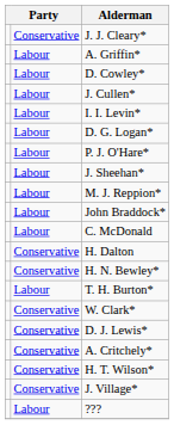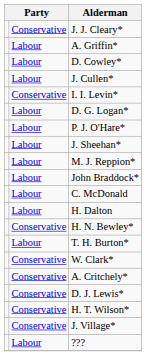 <table class="wikitable">
 <tr>
 <th colspan="2">Party</th>
 <th>Alderman</th>
 </tr>
 <tr>
 <td style="background-color:"></td>
 <td><a href='#'>Conservative</a></td>
 <td>J. J. Cleary*</td>
 </tr>
 <tr>
 <td style="background-color:"></td>
 <td><a href='#'>Labour</a></td>
 <td>A. Griffin*</td>
 </tr>
 <tr>
 <td style="background-color:"></td>
 <td><a href='#'>Labour</a></td>
 <td>D. Cowley*</td>
 </tr>
 <tr>
 <td style="background-color:"></td>
 <td><a href='#'>Labour</a></td>
 <td>J. Cullen*</td>
 </tr>
 <tr>
 <td style="background-color:"></td>
-<td><a href='#'>Labour</a></td>
+<td><a href='#'>Conservative</a></td>
 <td>I. I. Levin*</td>
 </tr>
 <tr>
 <td style="background-color:"></td>
 <td><a href='#'>Labour</a></td>
 <td>D. G. Logan*</td>
 </tr>
 <tr>
 <td style="background-color:"></td>
 <td><a href='#'>Labour</a></td>
 <td>P. J. O'Hare*</td>
 </tr>
 <tr>
 <td style="background-color:"></td>
 <td><a href='#'>Labour</a></td>
 <td>J. Sheehan*</td>
 </tr>
 <tr>
 <td style="background-color:"></td>
 <td><a href='#'>Labour</a></td>
 <td>M. J. Reppion*</td>
 </tr>
 <tr>
 <td style="background-color:"></td>
 <td><a href='#'>Labour</a></td>
 <td>John Braddock*</td>
 </tr>
 <tr>
 <td style="background-color:"></td>
 <td><a href='#'>Labour</a></td>
 <td>C. McDonald</td>
 </tr>
 <tr>
 <td style="background-color:"></td>
-<td><a href='#'>Conservative</a></td>
+<td><a href='#'>Labour</a></td>
 <td>H. Dalton</td>
 </tr>
 <tr>
 <td style="background-color:"></td>
 <td><a href='#'>Conservative</a></td>
 <td>H. N. Bewley*</td>
 </tr>
 <tr>
 <td style="background-color:"></td>
 <td><a href='#'>Labour</a></td>
 <td>T. H. Burton*</td>
 </tr>
 <tr>
 <td style="background-color:"></td>
 <td><a href='#'>Conservative</a></td>
 <td>W. Clark*</td>
 </tr>
 <tr>
 <td style="background-color:"></td>
 <td><a href='#'>Conservative</a></td>
-<td>D. J. Lewis*</td>
+<td>A. Critchely*</td>
 </tr>
 <tr>
 <td style="background-color:"></td>
 <td><a href='#'>Conservative</a></td>
-<td>A. Critchely*</td>
+<td>D. J. Lewis*</td>
 </tr>
 <tr>
 <td style="background-color:"></td>
 <td><a href='#'>Conservative</a></td>
 <td>H. T. Wilson*</td>
 </tr>
 <tr>
 <td style="background-color:"></td>
 <td><a href='#'>Conservative</a></td>
 <td>J. Village*</td>
 </tr>
 <tr>
 <td style="background-color:"></td>
 <td><a href='#'>Labour</a></td>
 <td>???</td>
 </tr>
 <tr>
 </tr>
 </table>
